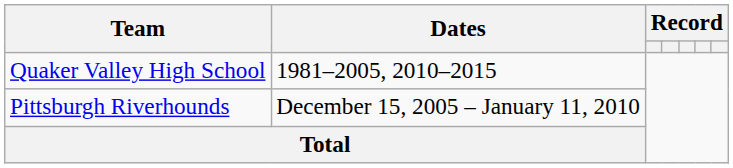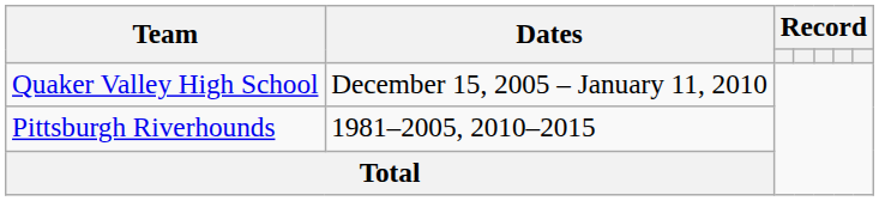 <table class=wikitable style=text-align:center>
 <tr>
 <th rowspan=2>Team</th>
 <th rowspan=2>Dates</th>
 <th colspan=5>Record</th>
 </tr>
 <tr>
 <th></th>
 <th></th>
 <th></th>
 <th></th>
 <th></th>
 </tr>
 <tr>
 <td align=left><a href='#'>Quaker Valley High School</a></td>
-<td align=left>1981–2005, 2010–2015<br></td>
+<td align=left>December 15, 2005 – January 11, 2010<br></td>
 </tr>
 <tr>
 <td align=left><a href='#'>Pittsburgh Riverhounds</a></td>
-<td align=left>December 15, 2005 – January 11, 2010<br></td>
+<td align=left>1981–2005, 2010–2015<br></td>
 </tr>
 <tr>
 <th colspan="2">Total<br></th>
 </tr>
 </table>
